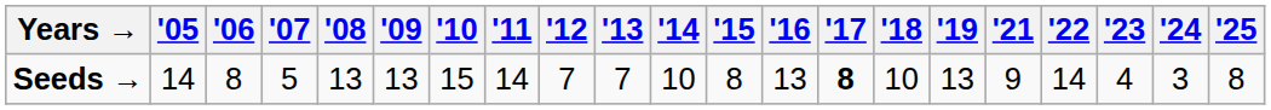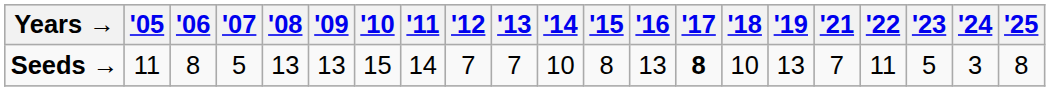 <table class="wikitable">
 <tr>
 <th>Years →</th>
 <th><a href='#'>'05</a></th>
 <th><a href='#'>'06</a></th>
 <th><a href='#'>'07</a></th>
 <th><a href='#'>'08</a></th>
 <th><a href='#'>'09</a></th>
 <th><a href='#'>'10</a></th>
 <th><a href='#'>'11</a></th>
 <th><a href='#'>'12</a></th>
 <th><a href='#'>'13</a></th>
 <th><a href='#'>'14</a></th>
 <th><a href='#'>'15</a></th>
 <th><a href='#'>'16</a></th>
 <th><a href='#'>'17</a></th>
 <th><a href='#'>'18</a></th>
 <th><a href='#'>'19</a></th>
 <th><a href='#'>'21</a></th>
 <th><a href='#'>'22</a></th>
 <th><a href='#'>'23</a></th>
 <th><a href='#'>'24</a></th>
 <th><a href='#'>'25</a></th>
 </tr>
 <tr align=center>
 <td style="text-align:left; "><strong>Seeds →</strong></td>
-<td>14</td>
+<td>11</td>
 <td>8</td>
 <td>5</td>
 <td>13</td>
 <td>13</td>
 <td>15</td>
 <td>14</td>
 <td>7</td>
 <td>7</td>
 <td>10</td>
 <td>8</td>
 <td>13</td>
 <td><strong>8</strong></td>
 <td>10</td>
 <td>13</td>
-<td>9</td>
-<td>14</td>
-<td>4</td>
+<td>7</td>
+<td>11</td>
+<td>5</td>
 <td>3</td>
 <td>8</td>
 </tr>
 </table>
